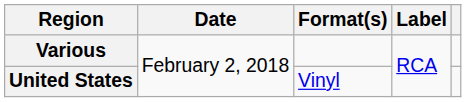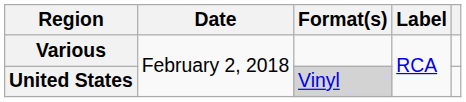 <table class="wikitable plainrowheaders">
 <tr>
 <th scope="col">Region</th>
 <th scope="col">Date</th>
 <th scope="col">Format(s)</th>
 <th scope="col">Label</th>
 <th></th>
 </tr>
 <tr>
 <th scope="row">Various</th>
 <td rowspan=2>February 2, 2018</td>
 <td></td>
 <td rowspan=2><a href='#'>RCA</a></td>
 <td></td>
 </tr>
 <tr>
 <th scope="row">United States</th>
-<td><a href='#'>Vinyl</a></td>
+<td style="background: lightgrey;"><a href='#'>Vinyl</a></td>
 <td></td>
 </tr>
 </table>
